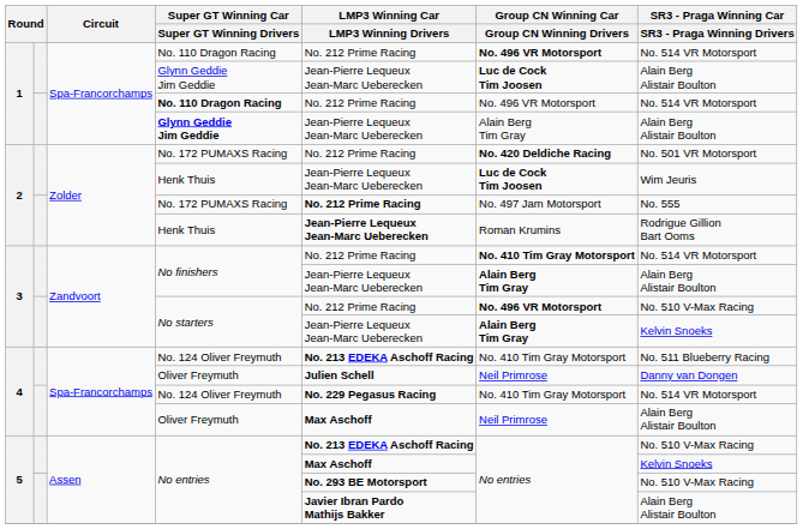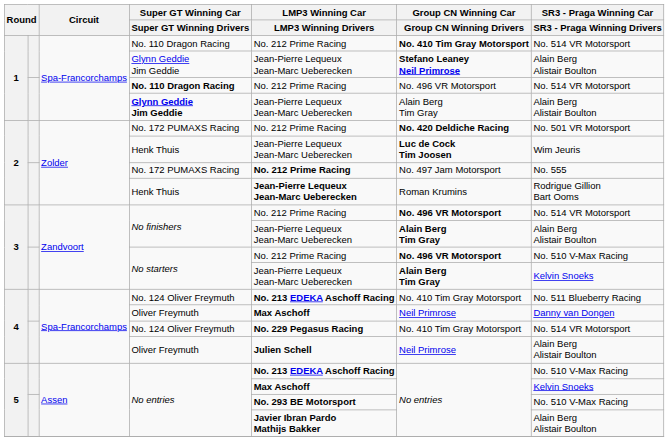 <table class="wikitable" style="font-size: 80%;">
 <tr>
 <th rowspan=2 colspan=2>Round</th>
 <th rowspan=2>Circuit</th>
 <th>Super GT Winning Car</th>
 <th>LMP3 Winning Car</th>
 <th>Group CN Winning Car</th>
 <th>SR3 - Praga Winning Car</th>
 </tr>
 <tr>
 <th>Super GT Winning Drivers</th>
 <th>LMP3 Winning Drivers</th>
 <th>Group CN Winning Drivers</th>
 <th>SR3 - Praga Winning Drivers</th>
 </tr>
 <tr>
 <th rowspan=4>1</th>
 <th rowspan=2></th>
 <td rowspan=4> <a href='#'>Spa-Francorchamps</a></td>
 <td> No. 110 Dragon Racing</td>
 <td> No. 212 Prime Racing</td>
-<td><strong> No. 496 VR Motorsport</strong></td>
+<td><strong> No. 410 Tim Gray Motorsport</strong></td>
 <td> No. 514 VR Motorsport</td>
 </tr>
 <tr>
 <td> <a href='#'>Glynn Geddie</a><br> Jim Geddie</td>
 <td> Jean-Pierre Lequeux<br> Jean-Marc Ueberecken</td>
-<td><strong> Luc de Cock<br> Tim Joosen</strong></td>
+<td><strong> Stefano Leaney<br> <a href='#'>Neil Primrose</a></strong></td>
 <td> Alain Berg<br> Alistair Boulton</td>
 </tr>
 <tr>
 <th rowspan=2></th>
 <td><strong> No. 110 Dragon Racing</strong></td>
 <td> No. 212 Prime Racing</td>
 <td> No. 496 VR Motorsport</td>
 <td> No. 514 VR Motorsport</td>
 </tr>
 <tr>
 <td><strong> <a href='#'>Glynn Geddie</a><br> Jim Geddie</strong></td>
 <td> Jean-Pierre Lequeux<br> Jean-Marc Ueberecken</td>
 <td> Alain Berg<br> Tim Gray</td>
 <td> Alain Berg<br> Alistair Boulton</td>
 </tr>
 <tr>
 <th rowspan=4>2</th>
 <th rowspan=2></th>
 <td rowspan=4> <a href='#'>Zolder</a></td>
 <td> No. 172 PUMAXS Racing</td>
 <td> No. 212 Prime Racing</td>
 <td><strong> No. 420 Deldiche Racing</strong></td>
 <td> No. 501 VR Motorsport</td>
 </tr>
 <tr>
 <td> Henk Thuis</td>
 <td> Jean-Pierre Lequeux<br> Jean-Marc Ueberecken</td>
 <td><strong> Luc de Cock<br> Tim Joosen</strong></td>
 <td> Wim Jeuris</td>
 </tr>
 <tr>
 <th rowspan=2></th>
 <td> No. 172 PUMAXS Racing</td>
 <td><strong> No. 212 Prime Racing</strong></td>
 <td> No. 497 Jam Motorsport</td>
 <td> No. 555</td>
 </tr>
 <tr>
 <td> Henk Thuis</td>
 <td><strong> Jean-Pierre Lequeux<br> Jean-Marc Ueberecken</strong></td>
 <td> Roman Krumins</td>
 <td> Rodrigue Gillion<br> Bart Ooms</td>
 </tr>
 <tr>
 <th rowspan=4>3</th>
 <th rowspan=2></th>
 <td rowspan=4> <a href='#'>Zandvoort</a></td>
 <td rowspan=2><em>No finishers</em></td>
 <td> No. 212 Prime Racing</td>
-<td><strong> No. 410 Tim Gray Motorsport</strong></td>
+<td><strong> No. 496 VR Motorsport</strong></td>
 <td> No. 514 VR Motorsport</td>
 </tr>
 <tr>
 <td> Jean-Pierre Lequeux<br> Jean-Marc Ueberecken</td>
 <td><strong> Alain Berg<br> Tim Gray</strong></td>
 <td> Alain Berg<br> Alistair Boulton</td>
 </tr>
 <tr>
 <th rowspan=2></th>
 <td rowspan=2><em>No starters</em></td>
 <td> No. 212 Prime Racing</td>
 <td><strong> No. 496 VR Motorsport</strong></td>
 <td> No. 510 V-Max Racing</td>
 </tr>
 <tr>
 <td> Jean-Pierre Lequeux<br> Jean-Marc Ueberecken</td>
 <td><strong> Alain Berg<br> Tim Gray</strong></td>
 <td> <a href='#'>Kelvin Snoeks</a></td>
 </tr>
 <tr>
 <th rowspan=4>4</th>
 <th rowspan=2></th>
 <td rowspan=4> <a href='#'>Spa-Francorchamps</a></td>
 <td> No. 124 Oliver Freymuth</td>
 <td><strong> No. 213 <a href='#'>EDEKA</a> Aschoff Racing</strong></td>
 <td> No. 410 Tim Gray Motorsport</td>
 <td> No. 511 Blueberry Racing</td>
 </tr>
 <tr>
 <td> Oliver Freymuth</td>
-<td><strong> Julien Schell</strong></td>
+<td><strong> Max Aschoff</strong></td>
 <td> <a href='#'>Neil Primrose</a></td>
 <td> <a href='#'>Danny van Dongen</a></td>
 </tr>
 <tr>
 <th rowspan=2></th>
 <td> No. 124 Oliver Freymuth</td>
 <td><strong> No. 229 Pegasus Racing</strong></td>
 <td> No. 410 Tim Gray Motorsport</td>
 <td> No. 514 VR Motorsport</td>
 </tr>
 <tr>
 <td> Oliver Freymuth</td>
-<td><strong> Max Aschoff</strong></td>
+<td><strong> Julien Schell</strong></td>
 <td> <a href='#'>Neil Primrose</a></td>
 <td> Alain Berg<br> Alistair Boulton</td>
 </tr>
 <tr>
 <th rowspan=4>5</th>
 <th rowspan=2></th>
 <td rowspan=4> <a href='#'>Assen</a></td>
 <td rowspan=4><em>No entries</em></td>
 <td><strong> No. 213 <a href='#'>EDEKA</a> Aschoff Racing</strong></td>
 <td rowspan=4><em>No entries</em></td>
 <td> No. 510 V-Max Racing</td>
 </tr>
 <tr>
 <td><strong> Max Aschoff</strong></td>
 <td> <a href='#'>Kelvin Snoeks</a></td>
 </tr>
 <tr>
 <th rowspan=2></th>
 <td><strong> No. 293 BE Motorsport</strong></td>
 <td> No. 510 V-Max Racing</td>
 </tr>
 <tr>
 <td><strong> Javier Ibran Pardo<br> Mathijs Bakker</strong></td>
 <td> Alain Berg<br> Alistair Boulton</td>
 </tr>
 <tr>
 </tr>
 </table>
